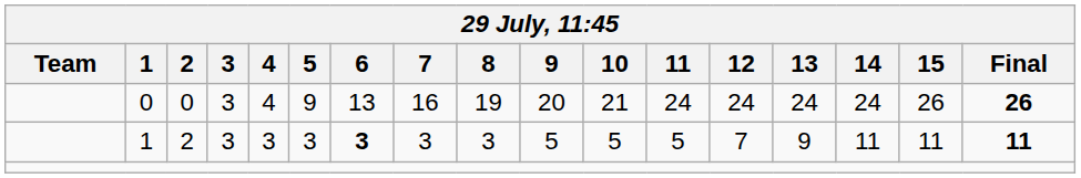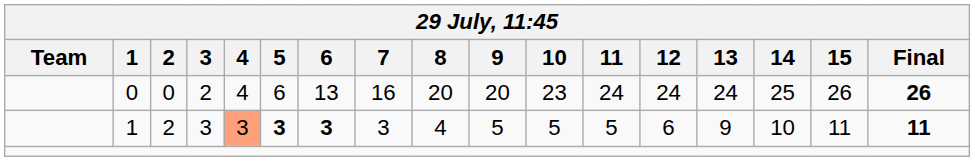 <table class=wikitable style="text-align:center; width: 55%">
 <tr>
 <th colspan=17><em>29 July, 11:45</em></th>
 </tr>
 <tr>
 <th>Team</th>
 <th>1</th>
 <th>2</th>
 <th>3</th>
 <th>4</th>
 <th>5</th>
 <th>6</th>
 <th>7</th>
 <th>8</th>
 <th>9</th>
 <th>10</th>
 <th>11</th>
 <th>12</th>
 <th>13</th>
 <th>14</th>
 <th>15</th>
 <th>Final</th>
 </tr>
 <tr>
 <td align=left><strong></strong></td>
 <td>0</td>
 <td>0</td>
-<td>3</td>
+<td>2</td>
 <td>4</td>
-<td>9</td>
+<td>6</td>
 <td>13</td>
 <td>16</td>
-<td>19</td>
 <td>20</td>
-<td>21</td>
+<td>20</td>
+<td>23</td>
 <td>24</td>
 <td>24</td>
 <td>24</td>
-<td>24</td>
+<td>25</td>
 <td>26</td>
 <td><strong>26</strong></td>
 </tr>
 <tr>
 <td align=left></td>
 <td>1</td>
 <td>2</td>
 <td>3</td>
-<td>3</td>
-<td>3</td>
+<td style="background: lightsalmon;">3</td>
+<td><strong>3</strong></td>
 <td><strong>3</strong></td>
 <td>3</td>
-<td>3</td>
+<td>4</td>
 <td>5</td>
 <td>5</td>
 <td>5</td>
-<td>7</td>
+<td>6</td>
 <td>9</td>
-<td>11</td>
+<td>10</td>
 <td>11</td>
 <td><strong>11</strong></td>
 </tr>
 <tr>
 <td colspan=17></td>
 </tr>
 </table>
